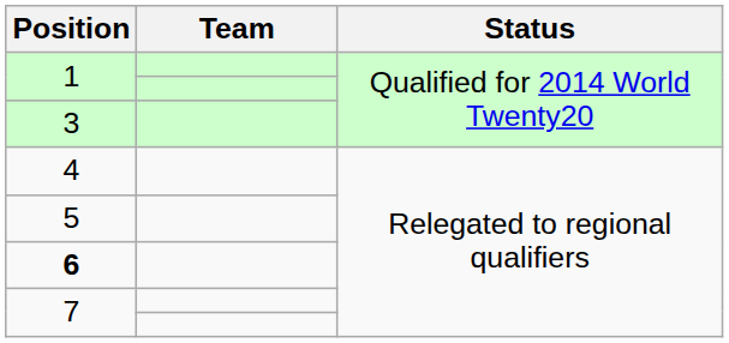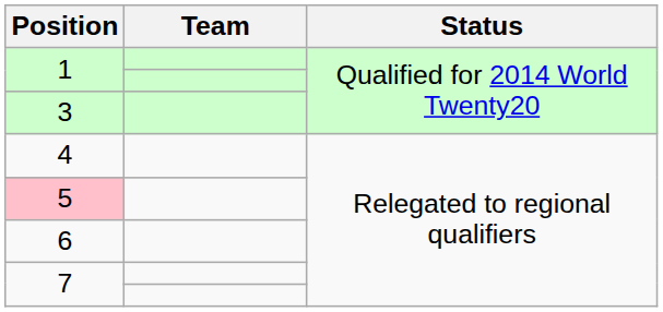 <table class="wikitable">
 <tr>
 <th width=30>Position</th>
 <th width=100>Team</th>
 <th width=200>Status</th>
 </tr>
 <tr style="background:#cfc">
 <td style="text-align:center" rowspan="2">1</td>
 <td></td>
 <td rowspan="3" style="text-align:center">Qualified for <a href='#'>2014 World Twenty20</a></td>
 </tr>
 <tr style="background:#cfc">
 <td></td>
 </tr>
 <tr style="background:#cfc">
 <td style="text-align:center">3</td>
 <td></td>
 </tr>
 <tr>
 <td style="text-align:center">4</td>
 <td></td>
 <td rowspan="5" style="text-align:center">Relegated to regional qualifiers</td>
 </tr>
 <tr>
-<td style="text-align:center">5</td>
+<td style="background: pink; text-align:center">5</td>
 <td></td>
 </tr>
 <tr>
-<td style="text-align:center"><strong>6</strong></td>
+<td style="text-align:center">6</td>
 <td></td>
 </tr>
 <tr>
 <td style="text-align:center" rowspan="2">7</td>
 <td></td>
 </tr>
 <tr>
 <td></td>
 </tr>
 </table>
